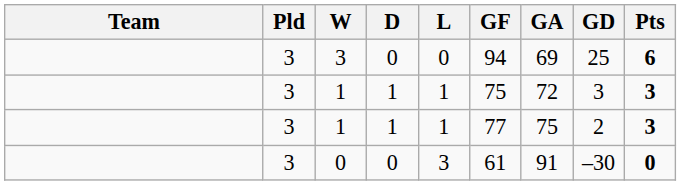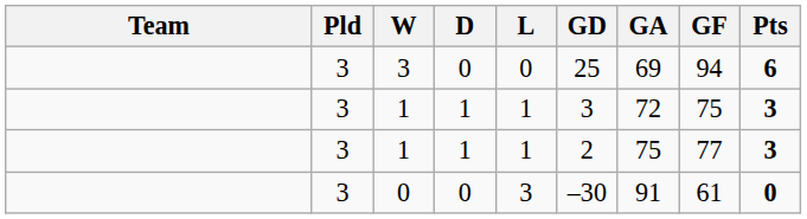 <table class="wikitable" style="text-align: center;">
 <tr>
 <th width="180">Team</th>
 <th width="30">Pld</th>
 <th width="30">W</th>
 <th width="30">D</th>
 <th width="30">L</th>
+<th width="30">GD</th>
+<th width="30">GA</th>
 <th width="30">GF</th>
-<th width="30">GA</th>
-<th width="30">GD</th>
 <th width="30">Pts</th>
 </tr>
 <tr>
 <td align="left"></td>
 <td>3</td>
 <td>3</td>
 <td>0</td>
 <td>0</td>
+<td>25</td>
+<td>69</td>
 <td>94</td>
-<td>69</td>
-<td>25</td>
 <td><strong>6</strong></td>
 </tr>
 <tr>
 <td align="left"></td>
 <td>3</td>
 <td>1</td>
 <td>1</td>
 <td>1</td>
+<td>3</td>
+<td>72</td>
 <td>75</td>
-<td>72</td>
-<td>3</td>
 <td><strong>3</strong></td>
 </tr>
 <tr>
 <td align="left"></td>
 <td>3</td>
 <td>1</td>
 <td>1</td>
 <td>1</td>
+<td>2</td>
+<td>75</td>
 <td>77</td>
-<td>75</td>
-<td>2</td>
 <td><strong>3</strong></td>
 </tr>
 <tr>
 <td align="left"></td>
 <td>3</td>
 <td>0</td>
 <td>0</td>
 <td>3</td>
+<td>–30</td>
+<td>91</td>
 <td>61</td>
-<td>91</td>
-<td>–30</td>
 <td><strong>0</strong></td>
 </tr>
 </table>
